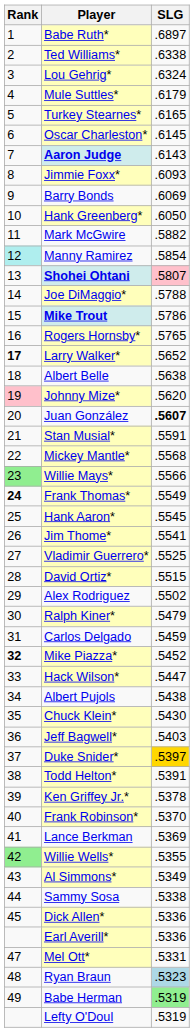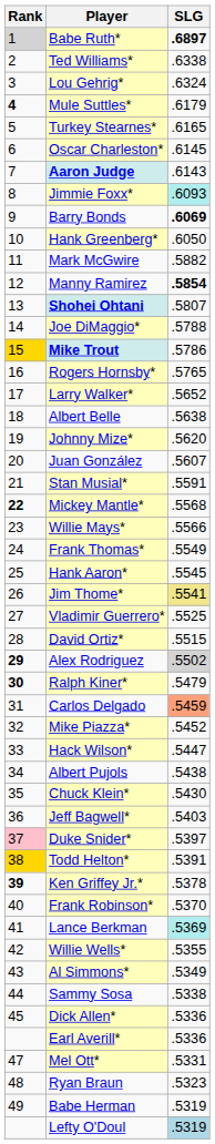 <table class="wikitable" style="float:left;">
 <tr style="white-space:nowrap;">
 <th>Rank</th>
 <th>Player</th>
 <th>SLG</th>
 </tr>
 <tr>
-<td>1</td>
+<td style="background: lightgrey;">1</td>
 <td style="background:#ffffbb;"><a href='#'>Babe Ruth</a>*</td>
-<td>.6897</td>
+<td><strong>.6897</strong></td>
 </tr>
 <tr>
 <td>2</td>
 <td style="background:#ffffbb;"><a href='#'>Ted Williams</a>*</td>
 <td>.6338</td>
 </tr>
 <tr>
 <td>3</td>
 <td style="background:#ffffbb;"><a href='#'>Lou Gehrig</a>*</td>
 <td>.6324</td>
 </tr>
 <tr>
-<td>4</td>
+<td><strong>4</strong></td>
 <td style="background:#ffffbb;"><a href='#'>Mule Suttles</a>*</td>
 <td>.6179</td>
 </tr>
 <tr>
 <td>5</td>
 <td style="background:#ffffbb;"><a href='#'>Turkey Stearnes</a>*</td>
 <td>.6165</td>
 </tr>
 <tr>
 <td>6</td>
 <td style="background:#ffffbb;"><a href='#'>Oscar Charleston</a>*</td>
 <td>.6145</td>
 </tr>
 <tr>
 <td>7</td>
 <td style="background:#cfecec;"><strong><a href='#'>Aaron Judge</a></strong></td>
 <td>.6143</td>
 </tr>
 <tr>
 <td>8</td>
 <td style="background:#ffffbb;"><a href='#'>Jimmie Foxx</a>*</td>
-<td>.6093</td>
+<td style="background: paleturquoise;">.6093</td>
 </tr>
 <tr>
 <td>9</td>
 <td><a href='#'>Barry Bonds</a></td>
-<td>.6069</td>
+<td><strong>.6069</strong></td>
 </tr>
 <tr>
 <td>10</td>
 <td style="background:#ffffbb;"><a href='#'>Hank Greenberg</a>*</td>
 <td>.6050</td>
 </tr>
 <tr>
 <td>11</td>
 <td><a href='#'>Mark McGwire</a></td>
 <td>.5882</td>
 </tr>
 <tr>
-<td style="background: paleturquoise;">12</td>
+<td>12</td>
 <td><a href='#'>Manny Ramirez</a></td>
-<td>.5854</td>
+<td><strong>.5854</strong></td>
 </tr>
 <tr>
 <td>13</td>
 <td style="background:#cfecec;"><strong><a href='#'>Shohei Ohtani</a></strong></td>
-<td style="background: pink;">.5807</td>
+<td>.5807</td>
 </tr>
 <tr>
 <td>14</td>
 <td style="background:#ffffbb;"><a href='#'>Joe DiMaggio</a>*</td>
 <td>.5788</td>
 </tr>
 <tr>
-<td>15</td>
+<td style="background: gold;">15</td>
 <td style="background:#cfecec;"><strong><a href='#'>Mike Trout</a></strong></td>
 <td>.5786</td>
 </tr>
 <tr>
 <td>16</td>
 <td style="background:#ffffbb;"><a href='#'>Rogers Hornsby</a>*</td>
 <td>.5765</td>
 </tr>
 <tr>
-<td><strong>17</strong></td>
+<td>17</td>
 <td style="background:#ffffbb;"><a href='#'>Larry Walker</a>*</td>
 <td>.5652</td>
 </tr>
 <tr>
 <td>18</td>
 <td><a href='#'>Albert Belle</a></td>
 <td>.5638</td>
 </tr>
 <tr>
-<td style="background: pink;">19</td>
+<td>19</td>
 <td style="background:#ffffbb;"><a href='#'>Johnny Mize</a>*</td>
 <td>.5620</td>
 </tr>
 <tr>
 <td>20</td>
 <td><a href='#'>Juan González</a></td>
-<td><strong>.5607</strong></td>
+<td>.5607</td>
 </tr>
 <tr>
 <td>21</td>
 <td style="background:#ffffbb;"><a href='#'>Stan Musial</a>*</td>
 <td>.5591</td>
 </tr>
 <tr>
-<td>22</td>
+<td><strong>22</strong></td>
 <td style="background:#ffffbb;"><a href='#'>Mickey Mantle</a>*</td>
 <td>.5568</td>
 </tr>
 <tr>
-<td style="background: lightgreen;">23</td>
+<td>23</td>
 <td style="background:#ffffbb;"><a href='#'>Willie Mays</a>*</td>
 <td>.5566</td>
 </tr>
 <tr>
-<td><strong>24</strong></td>
+<td>24</td>
 <td style="background:#ffffbb;"><a href='#'>Frank Thomas</a>*</td>
 <td>.5549</td>
 </tr>
 <tr>
 <td>25</td>
 <td style="background:#ffffbb;"><a href='#'>Hank Aaron</a>*</td>
 <td>.5545</td>
 </tr>
 <tr>
 <td>26</td>
 <td style="background:#ffffbb;"><a href='#'>Jim Thome</a>*</td>
-<td>.5541</td>
+<td style="background: khaki;">.5541</td>
 </tr>
 <tr>
 <td>27</td>
 <td style="background:#ffffbb;"><a href='#'>Vladimir Guerrero</a>*</td>
 <td>.5525</td>
 </tr>
 <tr>
 <td>28</td>
 <td style="background:#ffffbb;"><a href='#'>David Ortiz</a>*</td>
 <td>.5515</td>
 </tr>
 <tr>
-<td>29</td>
+<td><strong>29</strong></td>
 <td><a href='#'>Alex Rodriguez</a></td>
-<td>.5502</td>
+<td style="background: lightgrey;">.5502</td>
 </tr>
 <tr>
-<td>30</td>
+<td><strong>30</strong></td>
 <td style="background:#ffffbb;"><a href='#'>Ralph Kiner</a>*</td>
 <td>.5479</td>
 </tr>
 <tr>
 <td>31</td>
 <td><a href='#'>Carlos Delgado</a></td>
-<td>.5459</td>
+<td style="background: lightsalmon;">.5459</td>
 </tr>
 <tr>
-<td><strong>32</strong></td>
+<td>32</td>
 <td style="background:#ffffbb;"><a href='#'>Mike Piazza</a>*</td>
 <td>.5452</td>
 </tr>
 <tr>
 <td>33</td>
 <td style="background:#ffffbb;"><a href='#'>Hack Wilson</a>*</td>
 <td>.5447</td>
 </tr>
 <tr>
 <td>34</td>
 <td><a href='#'>Albert Pujols</a></td>
 <td>.5438</td>
 </tr>
 <tr>
 <td>35</td>
 <td style="background:#ffffbb;"><a href='#'>Chuck Klein</a>*</td>
 <td>.5430</td>
 </tr>
 <tr>
 <td>36</td>
 <td style="background:#ffffbb;"><a href='#'>Jeff Bagwell</a>*</td>
 <td>.5403</td>
 </tr>
 <tr>
-<td>37</td>
+<td style="background: pink;">37</td>
 <td style="background:#ffffbb;"><a href='#'>Duke Snider</a>*</td>
-<td style="background: gold;">.5397</td>
+<td>.5397</td>
 </tr>
 <tr>
-<td>38</td>
+<td style="background: gold;">38</td>
 <td style="background:#ffffbb;"><a href='#'>Todd Helton</a>*</td>
 <td>.5391</td>
 </tr>
 <tr>
-<td>39</td>
+<td><strong>39</strong></td>
 <td style="background:#ffffbb;"><a href='#'>Ken Griffey Jr.</a>*</td>
 <td>.5378</td>
 </tr>
 <tr>
 <td>40</td>
 <td style="background:#ffffbb;"><a href='#'>Frank Robinson</a>*</td>
 <td>.5370</td>
 </tr>
 <tr>
 <td>41</td>
 <td><a href='#'>Lance Berkman</a></td>
-<td>.5369</td>
+<td style="background: paleturquoise;">.5369</td>
 </tr>
 <tr>
-<td style="background: lightgreen;">42</td>
+<td>42</td>
 <td style="background:#ffffbb;"><a href='#'>Willie Wells</a>*</td>
 <td>.5355</td>
 </tr>
 <tr>
 <td>43</td>
 <td style="background:#ffffbb;"><a href='#'>Al Simmons</a>*</td>
 <td>.5349</td>
 </tr>
 <tr>
 <td>44</td>
 <td><a href='#'>Sammy Sosa</a></td>
 <td>.5338</td>
 </tr>
 <tr>
 <td>45</td>
 <td style="background:#ffffbb;"><a href='#'>Dick Allen</a>*</td>
 <td>.5336</td>
 </tr>
 <tr>
 <td></td>
 <td style="background:#ffffbb;"><a href='#'>Earl Averill</a>*</td>
 <td>.5336</td>
 </tr>
 <tr>
 <td>47</td>
 <td style="background:#ffffbb;"><a href='#'>Mel Ott</a>*</td>
 <td>.5331</td>
 </tr>
 <tr>
 <td>48</td>
 <td><a href='#'>Ryan Braun</a></td>
-<td style="background: lightblue;">.5323</td>
+<td>.5323</td>
 </tr>
 <tr>
 <td>49</td>
 <td><a href='#'>Babe Herman</a></td>
-<td style="background: lightgreen;">.5319</td>
+<td>.5319</td>
 </tr>
 <tr>
 <td></td>
 <td><a href='#'>Lefty O'Doul</a></td>
-<td>.5319</td>
+<td style="background: lightblue;">.5319</td>
 </tr>
 </table>
